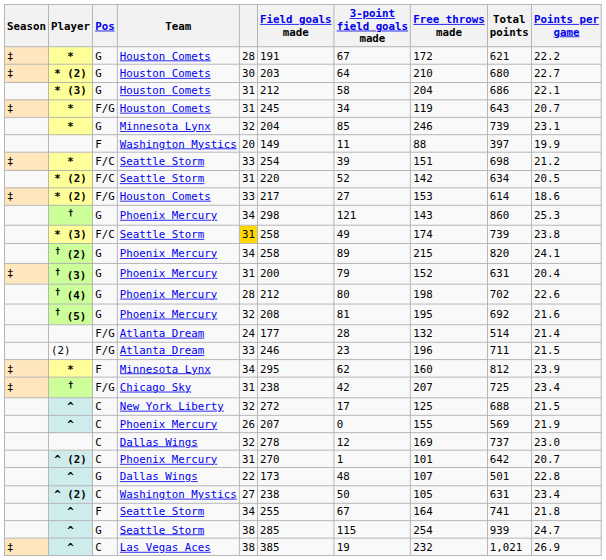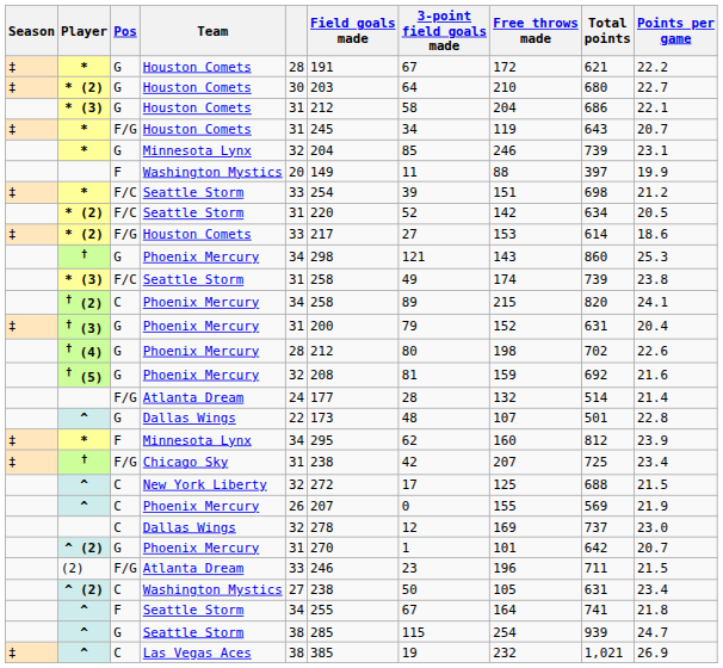 <table class="wikitable plainrowheaders sortable" summary="Season (sortable), Player (sortable), Position (sortable), Team (sortable), Game played (sortable), Field goals made (sortable), 3-point field goals made (sortable), Free throws made (sortable), Total points (sortable), Points per game (sortable) and References">
 <tr>
 <th scope="col">Season</th>
 <th scope="col">Player</th>
 <th scope="col"><a href='#'>Pos</a></th>
 <th scope="col">Team</th>
 <th scope="col"></th>
 <th scope="col"><a href='#'>Field goals</a><br>made</th>
 <th scope="col" data-sort-type="number"><a href='#'>3-point<br>field goals</a><br>made</th>
 <th scope="col"><a href='#'>Free throws</a><br>made</th>
 <th scope="col">Total<br>points</th>
 <th scope="col"><a href='#'>Points per<br>game</a></th>
 </tr>
 <tr>
 <td style="background-color:#FFE6BD"> ‡</td>
 <th scope="row" style="background-color:#FFFF99">*</th>
 <td>G</td>
 <td><a href='#'>Houston Comets</a></td>
 <td>28</td>
 <td>191</td>
 <td>67</td>
 <td>172</td>
 <td>621</td>
 <td>22.2</td>
 </tr>
 <tr>
 <td style="background-color:#FFE6BD"> ‡</td>
 <th scope="row" style="background-color:#FFFF99">* (2)</th>
 <td>G</td>
 <td><a href='#'>Houston Comets</a></td>
 <td>30</td>
 <td>203</td>
 <td>64</td>
 <td>210</td>
 <td>680</td>
 <td>22.7</td>
 </tr>
 <tr>
 <td></td>
 <th scope="row" style="background-color:#FFFF99">* (3)</th>
 <td>G</td>
 <td><a href='#'>Houston Comets</a></td>
 <td>31</td>
 <td>212</td>
 <td>58</td>
 <td>204</td>
 <td>686</td>
 <td>22.1</td>
 </tr>
 <tr>
 <td style="background-color:#FFE6BD"> ‡</td>
 <th scope="row" style="background-color:#FFFF99">*</th>
 <td>F/G</td>
 <td><a href='#'>Houston Comets</a></td>
 <td>31</td>
 <td>245</td>
 <td>34</td>
 <td>119</td>
 <td>643</td>
 <td>20.7</td>
 </tr>
 <tr>
 <td></td>
 <th scope="row" style="background-color:#FFFF99">*</th>
 <td>G</td>
 <td><a href='#'>Minnesota Lynx</a></td>
 <td>32</td>
 <td>204</td>
 <td>85</td>
 <td>246</td>
 <td>739</td>
 <td>23.1</td>
 </tr>
 <tr>
 <td></td>
 <th scope="row" style="background-color:transparent"></th>
 <td>F</td>
 <td><a href='#'>Washington Mystics</a></td>
 <td>20</td>
 <td>149</td>
 <td>11</td>
 <td>88</td>
 <td>397</td>
 <td>19.9</td>
 </tr>
 <tr>
 <td style="background-color:#FFE6BD"> ‡</td>
 <th scope="row" style="background-color:#FFFF99">*</th>
 <td>F/C</td>
 <td><a href='#'>Seattle Storm</a></td>
 <td>33</td>
 <td>254</td>
 <td>39</td>
 <td>151</td>
 <td>698</td>
 <td>21.2</td>
 </tr>
 <tr>
 <td></td>
 <th scope="row" style="background-color:#FFFF99">* (2)</th>
 <td>F/C</td>
 <td><a href='#'>Seattle Storm</a></td>
 <td>31</td>
 <td>220</td>
 <td>52</td>
 <td>142</td>
 <td>634</td>
 <td>20.5</td>
 </tr>
 <tr>
 <td style="background-color:#FFE6BD"> ‡</td>
 <th scope="row" style="background-color:#FFFF99">* (2)</th>
 <td>F/G</td>
 <td><a href='#'>Houston Comets</a></td>
 <td>33</td>
 <td>217</td>
 <td>27</td>
 <td>153</td>
 <td>614</td>
 <td>18.6</td>
 </tr>
 <tr>
 <td></td>
 <th scope="row" style="background-color:#CCFF99"><sup>†</sup></th>
 <td>G</td>
 <td><a href='#'>Phoenix Mercury</a></td>
 <td>34</td>
 <td>298</td>
 <td>121</td>
 <td>143</td>
 <td>860</td>
 <td>25.3</td>
 </tr>
 <tr>
 <td></td>
 <th scope="row" style="background-color:#FFFF99">* (3)</th>
 <td>F/C</td>
 <td><a href='#'>Seattle Storm</a></td>
-<td style="background: gold;">31</td>
+<td>31</td>
 <td>258</td>
 <td>49</td>
 <td>174</td>
 <td>739</td>
 <td>23.8</td>
 </tr>
 <tr>
 <td></td>
 <th scope="row" style="background-color:#CCFF99"><sup>†</sup> (2)</th>
-<td>G</td>
+<td>C</td>
 <td><a href='#'>Phoenix Mercury</a></td>
 <td>34</td>
 <td>258</td>
 <td>89</td>
 <td>215</td>
 <td>820</td>
 <td>24.1</td>
 </tr>
 <tr>
 <td style="background-color:#FFE6BD"> ‡</td>
 <th scope="row" style="background-color:#CCFF99"><sup>†</sup> (3)</th>
 <td>G</td>
 <td><a href='#'>Phoenix Mercury</a></td>
 <td>31</td>
 <td>200</td>
 <td>79</td>
 <td>152</td>
 <td>631</td>
 <td>20.4</td>
 </tr>
 <tr>
 <td></td>
 <th scope="row" style="background-color:#CCFF99"><sup>†</sup> (4)</th>
 <td>G</td>
 <td><a href='#'>Phoenix Mercury</a></td>
 <td>28</td>
 <td>212</td>
 <td>80</td>
 <td>198</td>
 <td>702</td>
 <td>22.6</td>
 </tr>
 <tr>
 <td></td>
 <th scope="row" style="background-color:#CCFF99"><sup>†</sup> (5)</th>
 <td>G</td>
 <td><a href='#'>Phoenix Mercury</a></td>
 <td>32</td>
 <td>208</td>
 <td>81</td>
-<td>195</td>
+<td>159</td>
 <td>692</td>
 <td>21.6</td>
 </tr>
 <tr>
 <td></td>
 <td></td>
 <td>F/G</td>
 <td><a href='#'>Atlanta Dream</a></td>
 <td>24</td>
 <td>177</td>
 <td>28</td>
 <td>132</td>
 <td>514</td>
 <td>21.4</td>
 </tr>
 <tr>
 <td></td>
-<td> (2)</td>
-<td>F/G</td>
-<td><a href='#'>Atlanta Dream</a></td>
-<td>33</td>
-<td>246</td>
-<td>23</td>
-<td>196</td>
-<td>711</td>
-<td>21.5</td>
+<th scope="row" style="background-color:#CFECEC">^</th>
+<td>G</td>
+<td><a href='#'>Dallas Wings</a></td>
+<td>22</td>
+<td>173</td>
+<td>48</td>
+<td>107</td>
+<td>501</td>
+<td>22.8</td>
 </tr>
 <tr>
 <td style="background-color:#FFE6BD"> ‡</td>
 <th scope="row" style="background-color:#FFFF99">*</th>
 <td>F</td>
 <td><a href='#'>Minnesota Lynx</a></td>
 <td>34</td>
 <td>295</td>
 <td>62</td>
 <td>160</td>
 <td>812</td>
 <td>23.9</td>
 </tr>
 <tr>
 <td style="background-color:#FFE6BD"> ‡</td>
 <th scope="row" style="background-color:#CCFF99"><sup>†</sup></th>
 <td>F/G</td>
 <td><a href='#'>Chicago Sky</a></td>
 <td>31</td>
 <td>238</td>
 <td>42</td>
 <td>207</td>
 <td>725</td>
 <td>23.4</td>
 </tr>
 <tr>
 <td></td>
 <th scope="row" style="background-color:#CFECEC">^</th>
 <td>C</td>
 <td><a href='#'>New York Liberty</a></td>
 <td>32</td>
 <td>272</td>
 <td>17</td>
 <td>125</td>
 <td>688</td>
 <td>21.5</td>
 </tr>
 <tr>
 <td></td>
 <th scope="row" style="background-color:#CFECEC">^</th>
 <td>C</td>
 <td><a href='#'>Phoenix Mercury</a></td>
 <td>26</td>
 <td>207</td>
 <td>0</td>
 <td>155</td>
 <td>569</td>
 <td>21.9</td>
 </tr>
 <tr>
 <td></td>
 <td></td>
 <td>C</td>
 <td><a href='#'>Dallas Wings</a></td>
 <td>32</td>
 <td>278</td>
 <td>12</td>
 <td>169</td>
 <td>737</td>
 <td>23.0</td>
 </tr>
 <tr>
 <td></td>
 <th scope="row" style="background-color:#CFECEC">^ (2)</th>
-<td>C</td>
+<td>G</td>
 <td><a href='#'>Phoenix Mercury</a></td>
 <td>31</td>
 <td>270</td>
 <td>1</td>
 <td>101</td>
 <td>642</td>
 <td>20.7</td>
 </tr>
 <tr>
 <td></td>
-<th scope="row" style="background-color:#CFECEC">^</th>
-<td>G</td>
-<td><a href='#'>Dallas Wings</a></td>
-<td>22</td>
-<td>173</td>
-<td>48</td>
-<td>107</td>
-<td>501</td>
-<td>22.8</td>
+<td> (2)</td>
+<td>F/G</td>
+<td><a href='#'>Atlanta Dream</a></td>
+<td>33</td>
+<td>246</td>
+<td>23</td>
+<td>196</td>
+<td>711</td>
+<td>21.5</td>
 </tr>
 <tr>
 <td></td>
 <th scope="row" style="background-color:#CFECEC">^ (2)</th>
 <td>C</td>
 <td><a href='#'>Washington Mystics</a></td>
 <td>27</td>
 <td>238</td>
 <td>50</td>
 <td>105</td>
 <td>631</td>
 <td>23.4</td>
 </tr>
 <tr>
 <td></td>
 <th scope="row" style="background-color:#CFECEC">^</th>
 <td>F</td>
 <td><a href='#'>Seattle Storm</a></td>
 <td>34</td>
 <td>255</td>
 <td>67</td>
 <td>164</td>
 <td>741</td>
 <td>21.8</td>
 </tr>
 <tr>
 <td></td>
 <th scope="row" style="background-color:#CFECEC">^</th>
 <td>G</td>
 <td><a href='#'>Seattle Storm</a></td>
 <td>38</td>
 <td>285</td>
 <td>115</td>
 <td>254</td>
 <td>939</td>
 <td>24.7</td>
 </tr>
 <tr>
 <td style="background-color:#FFE6BD"> ‡</td>
 <th scope="row" style="background-color:#CFECEC">^</th>
 <td>C</td>
 <td><a href='#'>Las Vegas Aces</a></td>
 <td>38</td>
 <td>385</td>
 <td>19</td>
 <td>232</td>
 <td>1,021</td>
 <td>26.9</td>
 </tr>
 </table>
